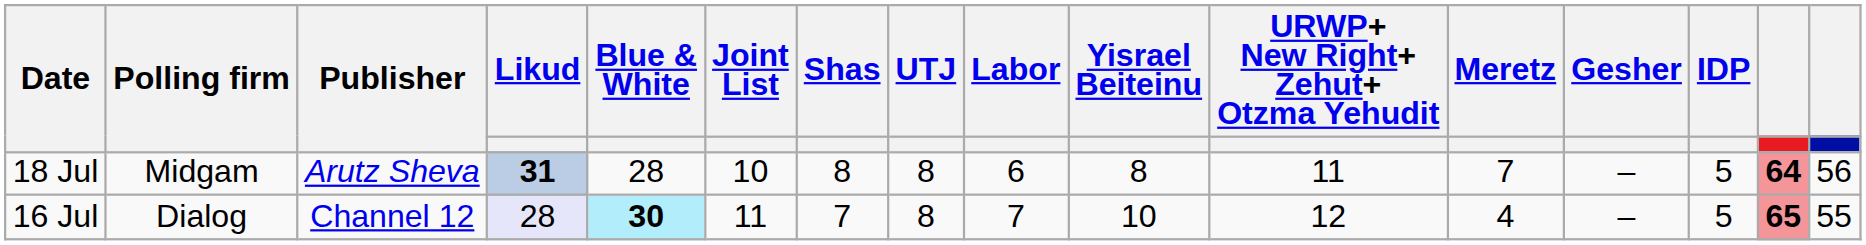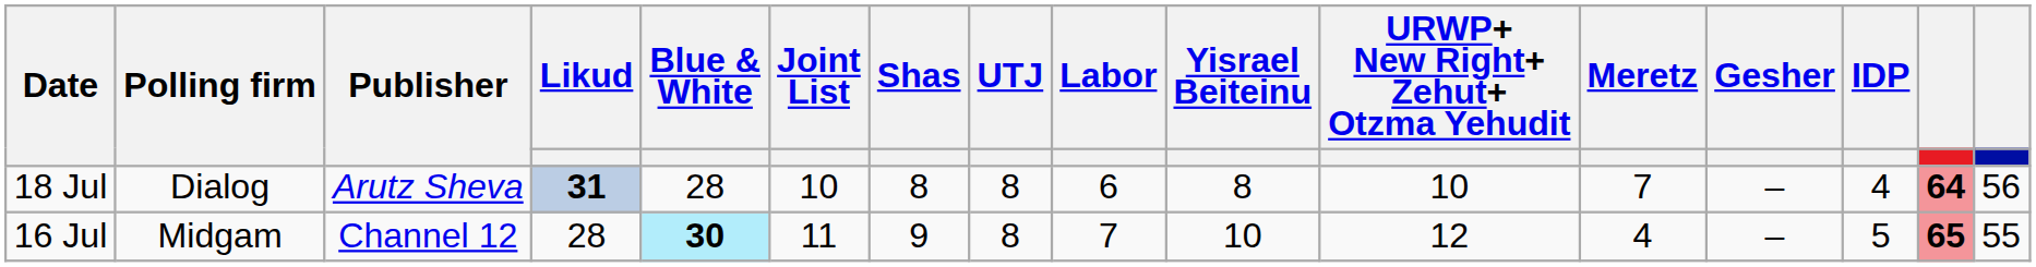 <table class="wikitable sortable" style="text-align:center;font-size:90%;line-height:13px">
 <tr>
 <th rowspan="2">Date</th>
 <th rowspan="2">Polling firm</th>
 <th rowspan="2">Publisher</th>
 <th><a href='#'>Likud</a></th>
 <th><a href='#'>Blue &<br>White</a></th>
 <th><a href='#'>Joint<br>List</a></th>
 <th><a href='#'>Shas</a></th>
 <th><a href='#'>UTJ</a></th>
 <th><a href='#'>Labor</a></th>
 <th><a href='#'>Yisrael<br>Beiteinu</a></th>
 <th><a href='#'>URWP</a>+<br><a href='#'>New Right</a>+<br><a href='#'>Zehut</a>+<br><a href='#'>Otzma Yehudit</a></th>
 <th><a href='#'>Meretz</a></th>
 <th><a href='#'>Gesher</a></th>
 <th><a href='#'>IDP</a></th>
 <th></th>
 <th></th>
 </tr>
 <tr>
 <th style="background:"></th>
 <th style="background:"></th>
 <th style="background:"></th>
 <th style="background:"></th>
 <th style="background:"></th>
 <th style="background:"></th>
 <th style="background:"></th>
 <th style="background:"></th>
 <th style="background:"></th>
 <th style="background:"></th>
 <th style="background:"></th>
 <th style="background:#E81B23;"></th>
 <th style="background:#000EA3;"></th>
 </tr>
 <tr>
 <td data-sort-value="2019-07-18">18 Jul</td>
-<td>Midgam</td>
+<td>Dialog</td>
 <td><em><a href='#'>Arutz Sheva</a></em></td>
 <td style="background:#BBCDE4"><strong>31</strong>	</td>
 <td>28					</td>
 <td>10					</td>
 <td>8					</td>
 <td>8					</td>
 <td>6					</td>
 <td>8					</td>
-<td>11					</td>
+<td>10					</td>
 <td>7					</td>
 <td>–					</td>
-<td>5					</td>
+<td>4					</td>
 <td style="background:#F4959A"><strong>64</strong>	</td>
 <td>56					</td>
 </tr>
 <tr>
 <td data-sort-value="2019-07-16">16 Jul</td>
-<td>Dialog</td>
+<td>Midgam</td>
 <td><a href='#'>Channel 12</a></td>
-<td style="background: lavender;">28					</td>
+<td>28					</td>
 <td style="background:#B2EDFB"><strong>30</strong>	</td>
 <td>11					</td>
-<td>7					</td>
+<td>9					</td>
 <td>8					</td>
 <td>7					</td>
 <td>10					</td>
 <td>12					</td>
 <td>4					</td>
 <td>–					</td>
 <td>5					</td>
 <td style="background:#F4959A"><strong>65</strong>	</td>
 <td>55					</td>
 </tr>
 </table>
